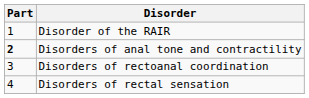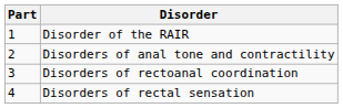 <table class="wikitable">
 <tr>
 <th>Part</th>
 <th>Disorder</th>
 </tr>
 <tr>
 <td>1</td>
 <td>Disorder of the RAIR</td>
 </tr>
 <tr>
-<td><strong>2</strong></td>
+<td>2</td>
 <td>Disorders of anal tone and contractility</td>
 </tr>
 <tr>
 <td>3</td>
 <td>Disorders of rectoanal coordination</td>
 </tr>
 <tr>
 <td>4</td>
 <td>Disorders of rectal sensation</td>
 </tr>
 </table>
